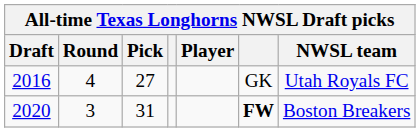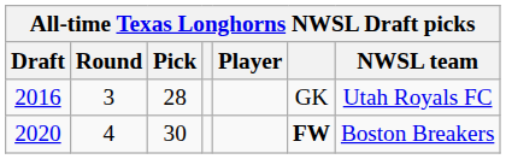 <table class="wikitable sortable" style="text-align: center;">
 <tr>
 <th colspan="7" style="background:#">All-time <a href='#'><span>Texas Longhorns</span></a> NWSL Draft picks</th>
 </tr>
 <tr>
 <th scope="col">Draft</th>
 <th scope="col">Round</th>
 <th scope="col">Pick</th>
 <th scope="col"></th>
 <th scope="col">Player</th>
 <th scope="col"></th>
 <th scope="col">NWSL team</th>
 </tr>
 <tr>
 <td><a href='#'>2016</a></td>
-<td>4</td>
-<td>27</td>
+<td>3</td>
+<td>28</td>
 <td></td>
 <td></td>
 <td>GK</td>
 <td><a href='#'>Utah Royals FC</a></td>
 </tr>
 <tr>
 <td><a href='#'>2020</a></td>
-<td>3</td>
-<td>31</td>
+<td>4</td>
+<td>30</td>
 <td></td>
 <td></td>
 <td><strong>FW</strong></td>
 <td><a href='#'>Boston Breakers</a></td>
 </tr>
 </table>
